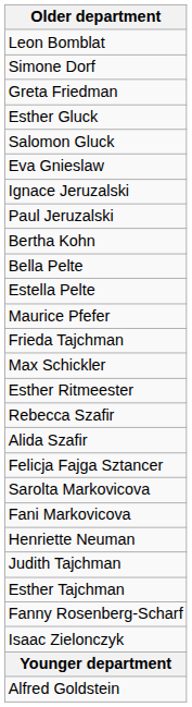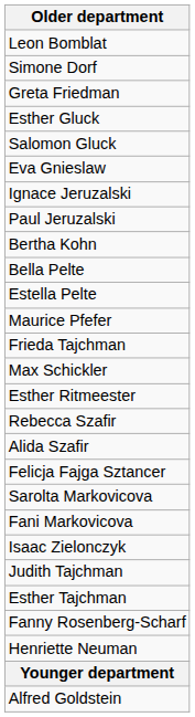 <table class="wikitable">
 <tr>
 <th>Older department</th>
 </tr>
 <tr>
 <td>Leon Bomblat</td>
 </tr>
 <tr>
 <td>Simone Dorf</td>
 </tr>
 <tr>
 <td>Greta Friedman</td>
 </tr>
 <tr>
 <td>Esther Gluck</td>
 </tr>
 <tr>
 <td>Salomon Gluck</td>
 </tr>
 <tr>
 <td>Eva Gnieslaw</td>
 </tr>
 <tr>
 <td>Ignace Jeruzalski</td>
 </tr>
 <tr>
 <td>Paul Jeruzalski</td>
 </tr>
 <tr>
 <td>Bertha Kohn</td>
 </tr>
 <tr>
 <td>Bella Pelte</td>
 </tr>
 <tr>
 <td>Estella Pelte</td>
 </tr>
 <tr>
 <td>Maurice Pfefer</td>
 </tr>
 <tr>
 <td>Frieda Tajchman</td>
 </tr>
 <tr>
 <td>Max Schickler</td>
 </tr>
 <tr>
 <td>Esther Ritmeester</td>
 </tr>
 <tr>
 <td>Rebecca Szafir</td>
 </tr>
 <tr>
 <td>Alida Szafir</td>
 </tr>
 <tr>
 <td>Felicja Fajga Sztancer</td>
 </tr>
 <tr>
 <td>Sarolta Markovicova</td>
 </tr>
 <tr>
 <td>Fani Markovicova</td>
 </tr>
 <tr>
-<td>Henriette Neuman</td>
+<td>Isaac Zielonczyk</td>
 </tr>
 <tr>
 <td>Judith Tajchman</td>
 </tr>
 <tr>
 <td>Esther Tajchman</td>
 </tr>
 <tr>
 <td>Fanny Rosenberg-Scharf</td>
 </tr>
 <tr>
-<td>Isaac Zielonczyk</td>
+<td>Henriette Neuman</td>
 </tr>
 <tr>
 <th>Younger department</th>
 </tr>
 <tr>
 <td>Alfred Goldstein</td>
 </tr>
 </table>
